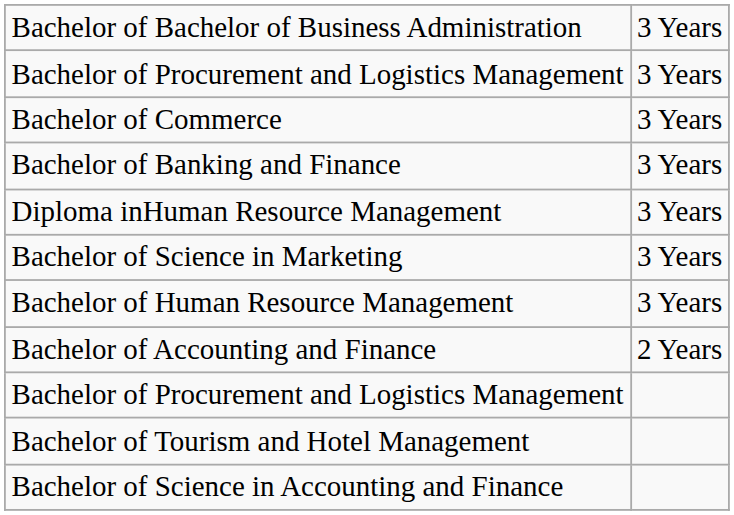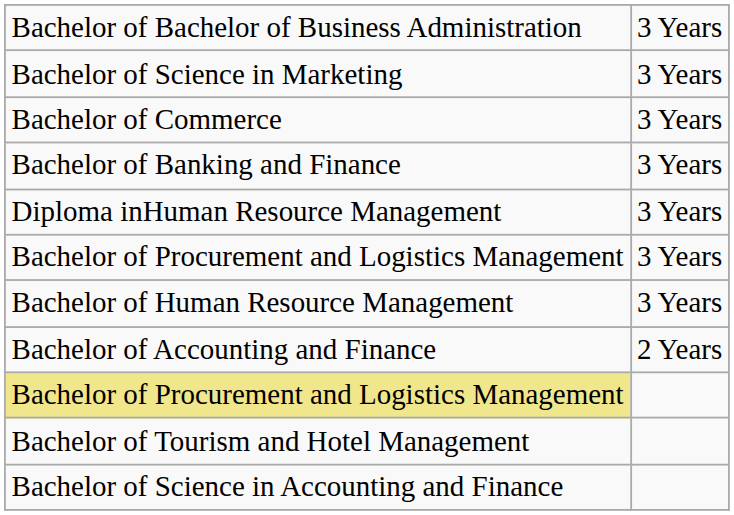 <table class="wikitable">
 <tr>
 <td>Bachelor of Bachelor of Business Administration</td>
 <td>3 Years</td>
 </tr>
 <tr>
-<td>Bachelor of Procurement and Logistics Management</td>
+<td>Bachelor of Science in Marketing</td>
 <td>3 Years</td>
 </tr>
 <tr>
 <td>Bachelor of Commerce</td>
 <td>3 Years</td>
 </tr>
 <tr>
 <td>Bachelor of Banking and Finance</td>
 <td>3 Years</td>
 </tr>
 <tr>
 <td>Diploma inHuman Resource Management</td>
 <td>3 Years</td>
 </tr>
 <tr>
-<td>Bachelor of Science in Marketing</td>
+<td>Bachelor of Procurement and Logistics Management</td>
 <td>3 Years</td>
 </tr>
 <tr>
 <td>Bachelor of Human Resource Management</td>
 <td>3 Years</td>
 </tr>
 <tr>
 <td>Bachelor of Accounting and Finance</td>
 <td>2 Years</td>
 </tr>
 <tr>
-<td>Bachelor of Procurement and Logistics Management</td>
+<td style="background: khaki;">Bachelor of Procurement and Logistics Management</td>
 <td></td>
 </tr>
 <tr>
 <td>Bachelor of Tourism and Hotel Management</td>
 <td></td>
 </tr>
 <tr>
 <td>Bachelor of Science in Accounting and Finance</td>
 <td></td>
 </tr>
 </table>
